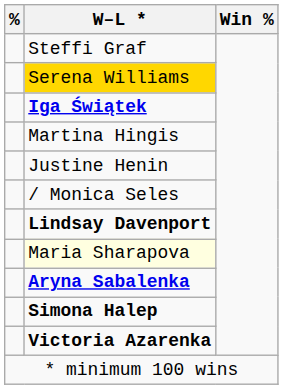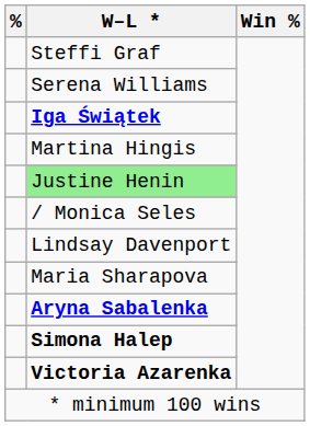 <table class=wikitable>
 <tr>
 <th>%</th>
 <th>W–L *</th>
 <th>Win %</th>
 </tr>
 <tr>
 <td></td>
 <td> Steffi Graf</td>
 </tr>
 <tr>
 <td></td>
-<td style="background: gold;"> Serena Williams</td>
+<td> Serena Williams</td>
 </tr>
 <tr>
 <td></td>
 <td> <strong><a href='#'>Iga Świątek</a></strong></td>
 </tr>
 <tr>
 <td></td>
 <td> Martina Hingis</td>
 </tr>
 <tr>
 <td></td>
-<td> Justine Henin</td>
+<td style="background: lightgreen;"> Justine Henin</td>
 </tr>
 <tr>
 <td></td>
 <td>/ Monica Seles</td>
 </tr>
 <tr>
 <td></td>
-<td><strong> Lindsay Davenport</strong></td>
+<td> Lindsay Davenport</td>
 </tr>
 <tr>
 <td></td>
-<td style="background: lightyellow;"> Maria Sharapova</td>
+<td> Maria Sharapova</td>
 </tr>
 <tr>
 <td></td>
 <td> <strong><a href='#'>Aryna Sabalenka</a></strong></td>
 </tr>
 <tr>
 <td></td>
 <td> <strong>Simona Halep</strong></td>
 </tr>
 <tr>
 <td></td>
 <td> <strong>Victoria Azarenka</strong></td>
 </tr>
 <tr>
 <td colspan="3" align="center">* minimum 100 wins</td>
 </tr>
 </table>
